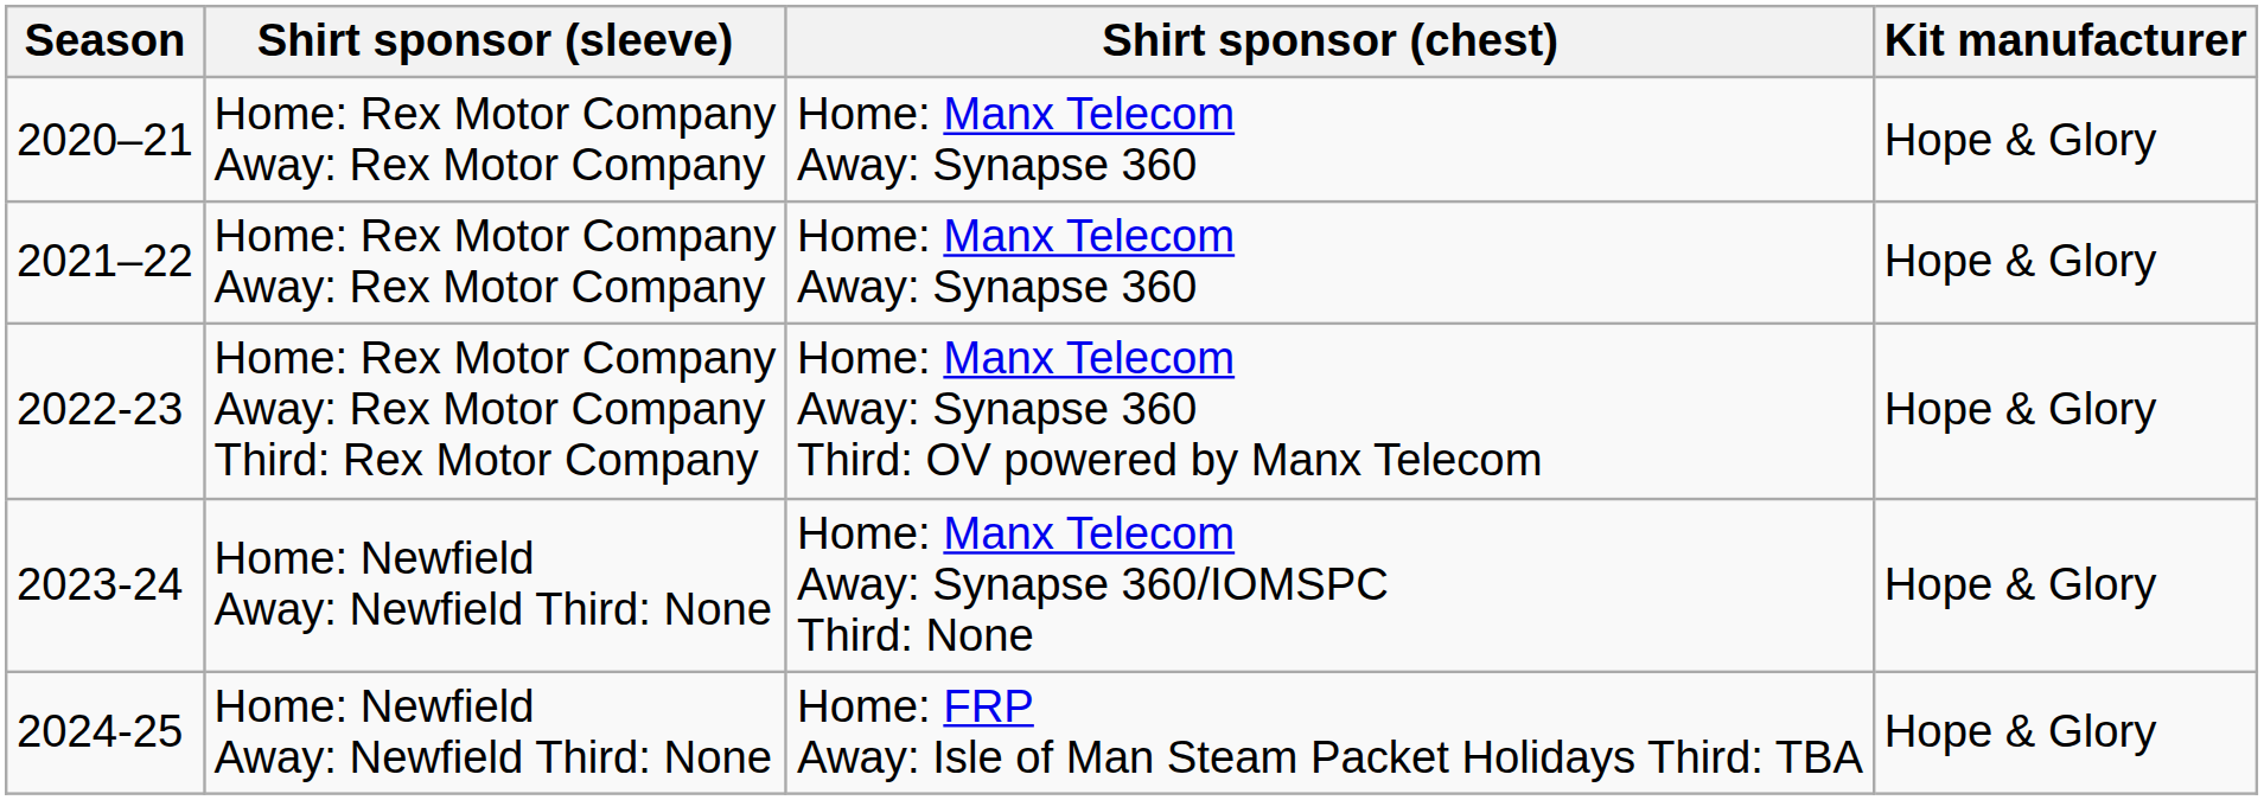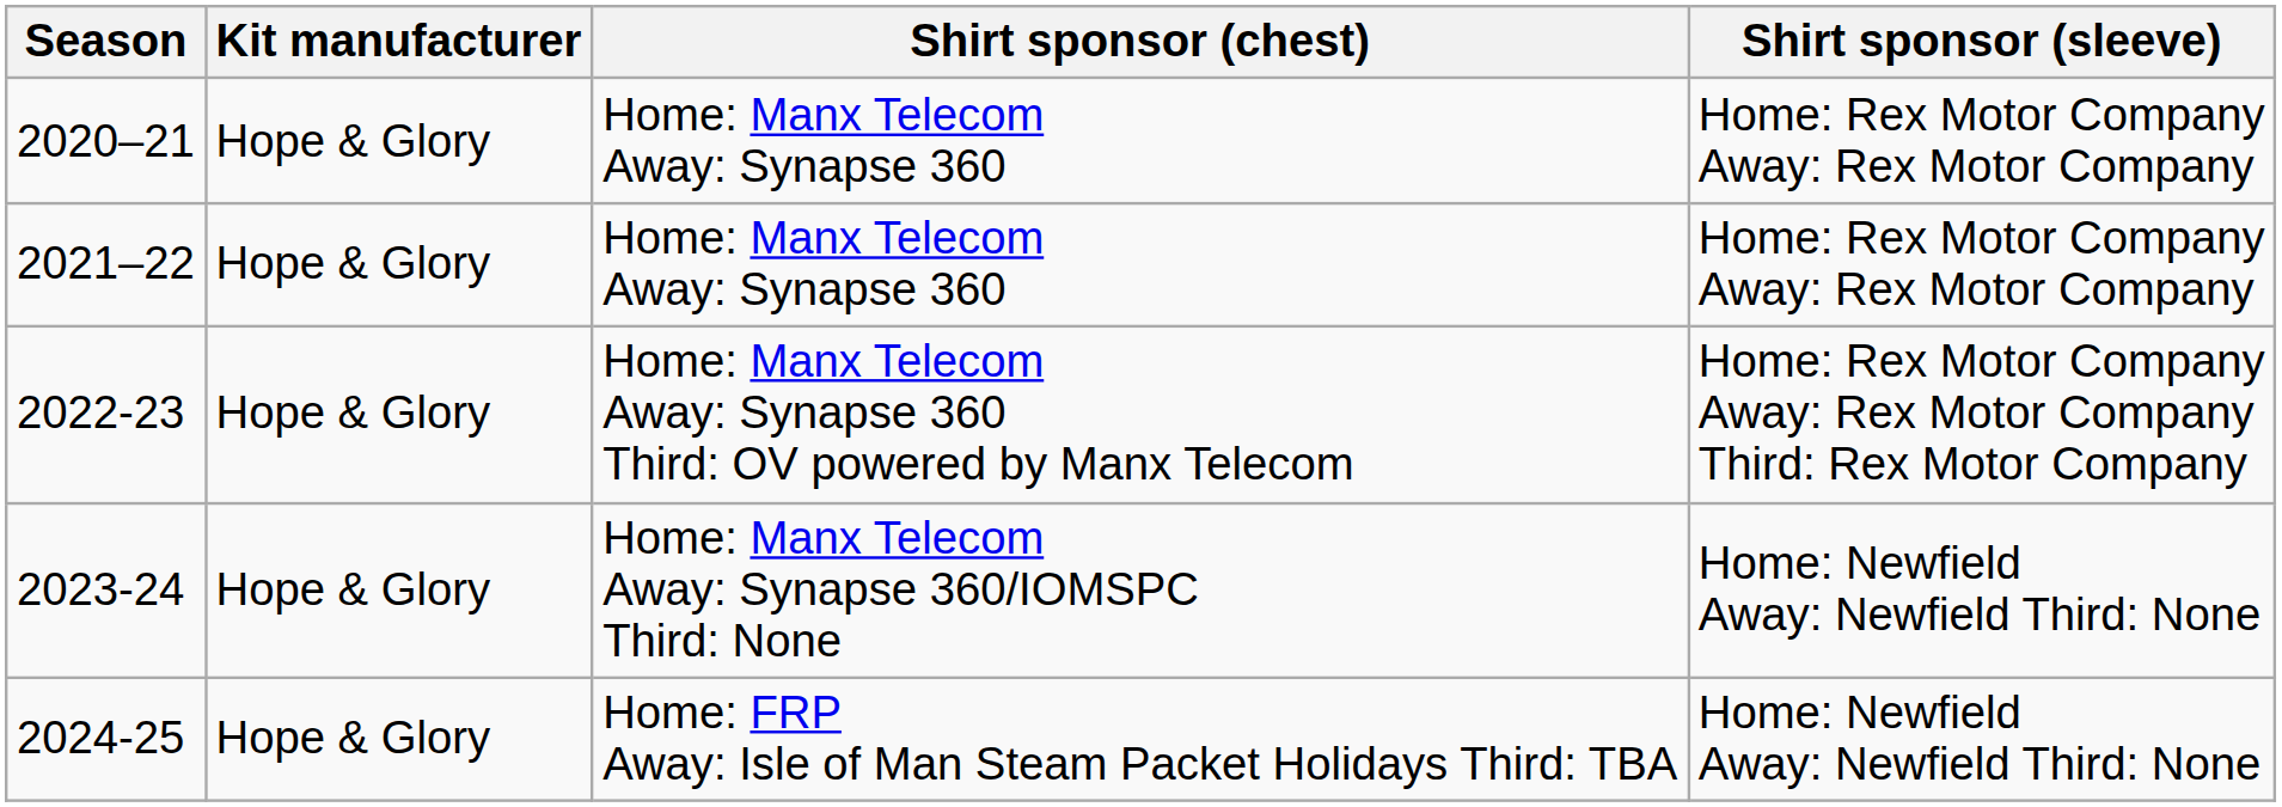 <table class="wikitable">
 <tr>
 <th>Season</th>
+<th>Kit manufacturer</th>
+<th>Shirt sponsor (chest)</th>
 <th>Shirt sponsor (sleeve)</th>
-<th>Shirt sponsor (chest)</th>
-<th>Kit manufacturer</th>
 </tr>
 <tr>
 <td>2020–21</td>
+<td>Hope & Glory</td>
+<td>Home: <a href='#'>Manx Telecom</a><br>Away: Synapse 360</td>
 <td>Home: Rex Motor Company<br>Away: Rex Motor Company</td>
-<td>Home: <a href='#'>Manx Telecom</a><br>Away: Synapse 360</td>
-<td>Hope & Glory</td>
 </tr>
 <tr>
 <td>2021–22</td>
+<td>Hope & Glory</td>
+<td>Home: <a href='#'>Manx Telecom</a><br>Away: Synapse 360</td>
 <td>Home: Rex Motor Company<br>Away: Rex Motor Company</td>
-<td>Home: <a href='#'>Manx Telecom</a><br>Away: Synapse 360</td>
-<td>Hope & Glory</td>
 </tr>
 <tr>
 <td>2022-23</td>
+<td>Hope & Glory</td>
+<td>Home: <a href='#'>Manx Telecom</a><br>Away: Synapse 360<br>Third: OV powered by Manx Telecom</td>
 <td>Home: Rex Motor Company<br>Away: Rex Motor Company<br>Third: Rex Motor Company</td>
-<td>Home: <a href='#'>Manx Telecom</a><br>Away: Synapse 360<br>Third: OV powered by Manx Telecom</td>
-<td>Hope & Glory</td>
 </tr>
 <tr>
 <td>2023-24</td>
+<td>Hope & Glory</td>
+<td>Home: <a href='#'>Manx Telecom</a><br>Away: Synapse 360/IOMSPC<br>Third: None</td>
 <td>Home: Newfield<br>Away: Newfield Third: None</td>
-<td>Home: <a href='#'>Manx Telecom</a><br>Away: Synapse 360/IOMSPC<br>Third: None</td>
-<td>Hope & Glory</td>
 </tr>
 <tr>
 <td>2024-25</td>
+<td>Hope & Glory</td>
+<td>Home: <a href='#'>FRP</a><br>Away: Isle of Man Steam Packet Holidays Third: TBA</td>
 <td>Home: Newfield<br>Away: Newfield Third: None</td>
-<td>Home: <a href='#'>FRP</a><br>Away: Isle of Man Steam Packet Holidays Third: TBA</td>
-<td>Hope & Glory</td>
 </tr>
 </table>
